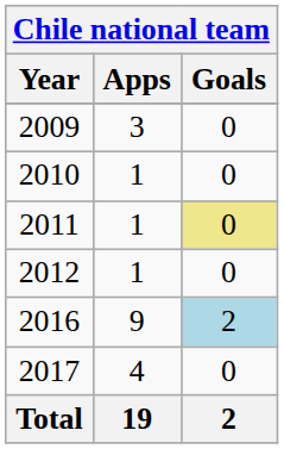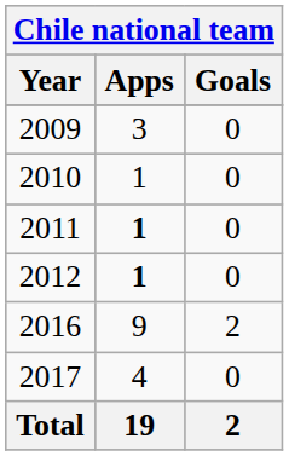 <table class="wikitable" style="text-align:center">
 <tr>
 <th colspan=3><a href='#'>Chile national team</a></th>
 </tr>
 <tr>
 <th>Year</th>
 <th>Apps</th>
 <th>Goals</th>
 </tr>
 <tr>
 </tr>
 <tr>
 <td>2009</td>
 <td>3</td>
 <td>0</td>
 </tr>
 <tr>
 <td>2010</td>
 <td>1</td>
 <td>0</td>
 </tr>
 <tr>
 <td>2011</td>
-<td>1</td>
-<td style="background: khaki;">0</td>
+<td><strong>1</strong></td>
+<td>0</td>
 </tr>
 <tr>
 <td>2012</td>
-<td>1</td>
+<td><strong>1</strong></td>
 <td>0</td>
 </tr>
 <tr>
 <td>2016</td>
 <td>9</td>
-<td style="background: lightblue;">2</td>
+<td>2</td>
 </tr>
 <tr>
 <td>2017</td>
 <td>4</td>
 <td>0</td>
 </tr>
 <tr>
 <th>Total</th>
 <th>19</th>
 <th>2</th>
 </tr>
 </table>
